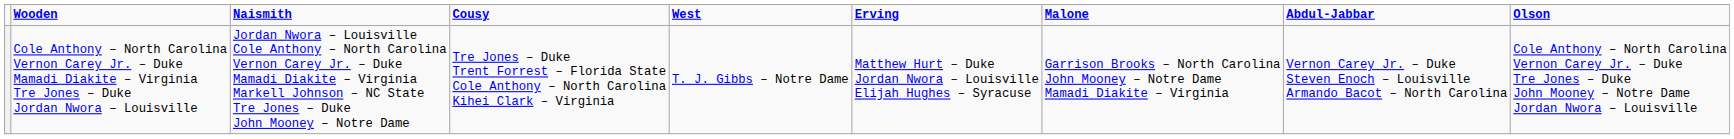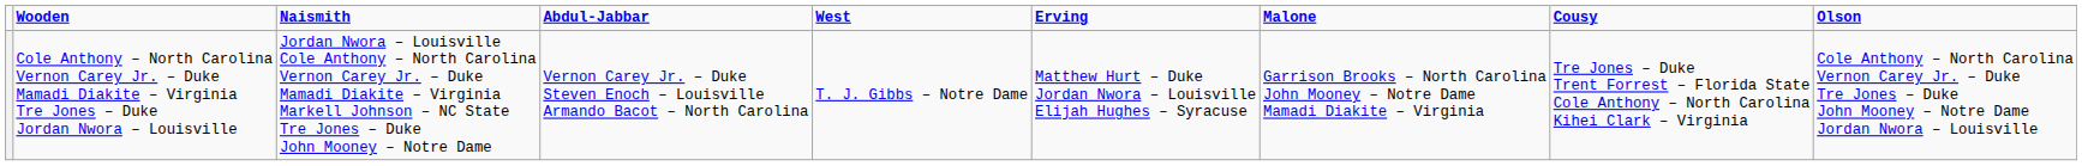 <table class="wikitable" style="white-space:nowrap; font-size:90%;">
 <tr>
 <td></td>
 <td><strong><a href='#'>Wooden</a></strong></td>
 <td><strong><a href='#'>Naismith</a></strong></td>
-<td><strong><a href='#'>Cousy</a></strong></td>
+<td><strong><a href='#'>Abdul-Jabbar</a></strong></td>
 <td><strong><a href='#'>West</a></strong></td>
 <td><strong><a href='#'>Erving</a></strong></td>
 <td><strong><a href='#'>Malone</a></strong></td>
-<td><strong><a href='#'>Abdul-Jabbar</a></strong></td>
+<td><strong><a href='#'>Cousy</a></strong></td>
 <td><strong><a href='#'>Olson</a></strong></td>
 </tr>
 <tr>
 <th></th>
 <td><a href='#'>Cole Anthony</a> – North Carolina<br><a href='#'>Vernon Carey Jr.</a> – Duke<br><a href='#'>Mamadi Diakite</a> – Virginia<br><a href='#'>Tre Jones</a> – Duke<br><a href='#'>Jordan Nwora</a> – Louisville<br></td>
 <td><a href='#'>Jordan Nwora</a> – Louisville<br><a href='#'>Cole Anthony</a> – North Carolina<br><a href='#'>Vernon Carey Jr.</a> – Duke<br><a href='#'>Mamadi Diakite</a> – Virginia<br><a href='#'>Markell Johnson</a> – NC State<br><a href='#'>Tre Jones</a> – Duke<br><a href='#'>John Mooney</a> – Notre Dame</td>
-<td><a href='#'>Tre Jones</a> – Duke<br><a href='#'>Trent Forrest</a> – Florida State<br><a href='#'>Cole Anthony</a> – North Carolina<br><a href='#'>Kihei Clark</a> – Virginia</td>
+<td><a href='#'>Vernon Carey Jr.</a> – Duke<br><a href='#'>Steven Enoch</a> – Louisville<br><a href='#'>Armando Bacot</a> – North Carolina</td>
 <td><a href='#'>T. J. Gibbs</a> – Notre Dame</td>
 <td><a href='#'>Matthew Hurt</a> – Duke<br><a href='#'>Jordan Nwora</a> – Louisville<br><a href='#'>Elijah Hughes</a> – Syracuse</td>
 <td><a href='#'>Garrison Brooks</a> – North Carolina<br><a href='#'>John Mooney</a> – Notre Dame<br><a href='#'>Mamadi Diakite</a> – Virginia</td>
-<td><a href='#'>Vernon Carey Jr.</a> – Duke<br><a href='#'>Steven Enoch</a> – Louisville<br><a href='#'>Armando Bacot</a> – North Carolina</td>
+<td><a href='#'>Tre Jones</a> – Duke<br><a href='#'>Trent Forrest</a> – Florida State<br><a href='#'>Cole Anthony</a> – North Carolina<br><a href='#'>Kihei Clark</a> – Virginia</td>
 <td><a href='#'>Cole Anthony</a> – North Carolina<br><a href='#'>Vernon Carey Jr.</a> – Duke<br><a href='#'>Tre Jones</a> – Duke<br><a href='#'>John Mooney</a> – Notre Dame<br><a href='#'>Jordan Nwora</a> – Louisville<br></td>
 </tr>
 </table>
